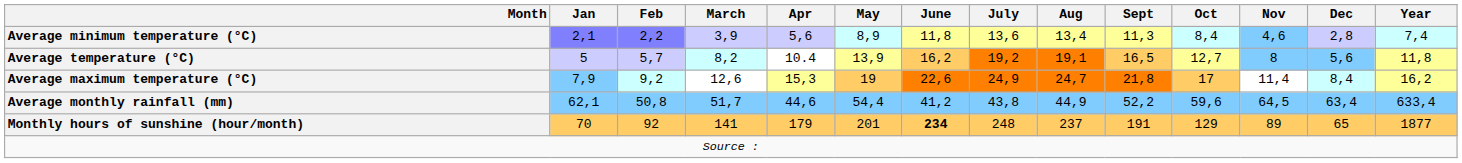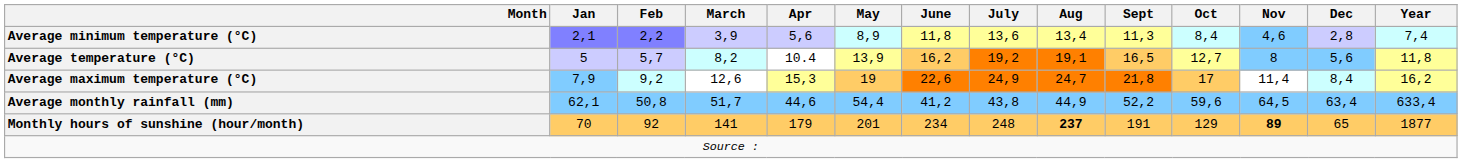 <table width="100%" class="wikitable" style="text-align:center;font-size:87%;line-height:120%">
 <tr>
 <th style="text-align:right">Month</th>
 <th>Jan</th>
 <th>Feb</th>
 <th>March</th>
 <th>Apr</th>
 <th>May</th>
 <th>June</th>
 <th>July</th>
 <th>Aug</th>
 <th>Sept</th>
 <th>Oct</th>
 <th>Nov</th>
 <th>Dec</th>
 <th>Year</th>
 </tr>
 <tr>
 <th style="text-align:left">Average minimum temperature (°C)</th>
 <td style="background:#8080FF">2,1</td>
 <td style="background:#8080FF">2,2</td>
 <td style="background:#CCCCFF">3,9</td>
 <td style="background:#CCCCFF">5,6</td>
 <td style="background:#CCFFFF">8,9</td>
 <td style="background:#FFFF99">11,8</td>
 <td style="background:#FFFF99">13,6</td>
 <td style="background:#FFFF99">13,4</td>
 <td style="background:#FFFF99">11,3</td>
 <td style="background:#CCFFFF">8,4</td>
 <td style="background:#80CCFF">4,6</td>
 <td style="background:#CCCCFF">2,8</td>
 <td style="background:#CCFFFF">7,4</td>
 </tr>
 <tr>
 <th style="text-align:left">Average temperature (°C)</th>
 <td style="background:#CCCCFF">5</td>
 <td style="background:#CCCCFF">5,7</td>
 <td style="background:#CCFFFF">8,2</td>
 <td style="background:#FFFFFF">10.4</td>
 <td style="background:#FFFF99">13,9</td>
 <td style="background:#FFCC66">16,2</td>
 <td style="background:#FF8000">19,2</td>
 <td style="background:#FF8000">19,1</td>
 <td style="background:#FFCC66">16,5</td>
 <td style="background:#FFFF99">12,7</td>
 <td style="background:#80CCFF">8</td>
 <td style="background:#80CCFF">5,6</td>
 <td style="background:#FFFF99">11,8</td>
 </tr>
 <tr>
 <th style="text-align:left">Average maximum temperature (°C)</th>
 <td style="background:#80CCFF">7,9</td>
 <td style="background:#CCFFFF">9,2</td>
 <td style="background:#FFFFFF">12,6</td>
 <td style="background:#FFFF99">15,3</td>
 <td style="background:#FFCC66">19</td>
 <td style="background:#FF8000">22,6</td>
 <td style="background:#FF8000">24,9</td>
 <td style="background:#FF8000">24,7</td>
 <td style="background:#FF8000">21,8</td>
 <td style="background:#FFCC66">17</td>
 <td style="background:#FFFFFF">11,4</td>
 <td style="background:#CCFFFF">8,4</td>
 <td style="background:#FFFF99">16,2</td>
 </tr>
 <tr>
 <th style="text-align:left">Average monthly rainfall (mm)</th>
 <td style="background:#80CCFF">62,1</td>
 <td style="background:#80CCFF">50,8</td>
 <td style="background:#80CCFF">51,7</td>
 <td style="background:#80CCFF">44,6</td>
 <td style="background:#80CCFF">54,4</td>
 <td style="background:#80CCFF">41,2</td>
 <td style="background:#80CCFF">43,8</td>
 <td style="background:#80CCFF">44,9</td>
 <td style="background:#80CCFF">52,2</td>
 <td style="background:#80CCFF">59,6</td>
 <td style="background:#80CCFF">64,5</td>
 <td style="background:#80CCFF">63,4</td>
 <td style="background:#80CCFF">633,4</td>
 </tr>
 <tr>
 <th style="text-align:left">Monthly hours of sunshine (hour/month)</th>
 <td style="background:#FFCC66">70</td>
 <td style="background:#FFCC66">92</td>
 <td style="background:#FFCC66">141</td>
 <td style="background:#FFCC66">179</td>
 <td style="background:#FFCC66">201</td>
-<td style="background:#FFCC66"><strong>234</strong></td>
+<td style="background:#FFCC66">234</td>
 <td style="background:#FFCC66">248</td>
-<td style="background:#FFCC66">237</td>
+<td style="background:#FFCC66"><strong>237</strong></td>
 <td style="background:#FFCC66">191</td>
 <td style="background:#FFCC66">129</td>
-<td style="background:#FFCC66">89</td>
+<td style="background:#FFCC66"><strong>89</strong></td>
 <td style="background:#FFCC66">65</td>
 <td style="background:#FFCC66">1877</td>
 </tr>
 <tr>
 <td colspan="14" style="font-size:90%;text-align:center"><em>Source : </em></td>
 </tr>
 </table>
